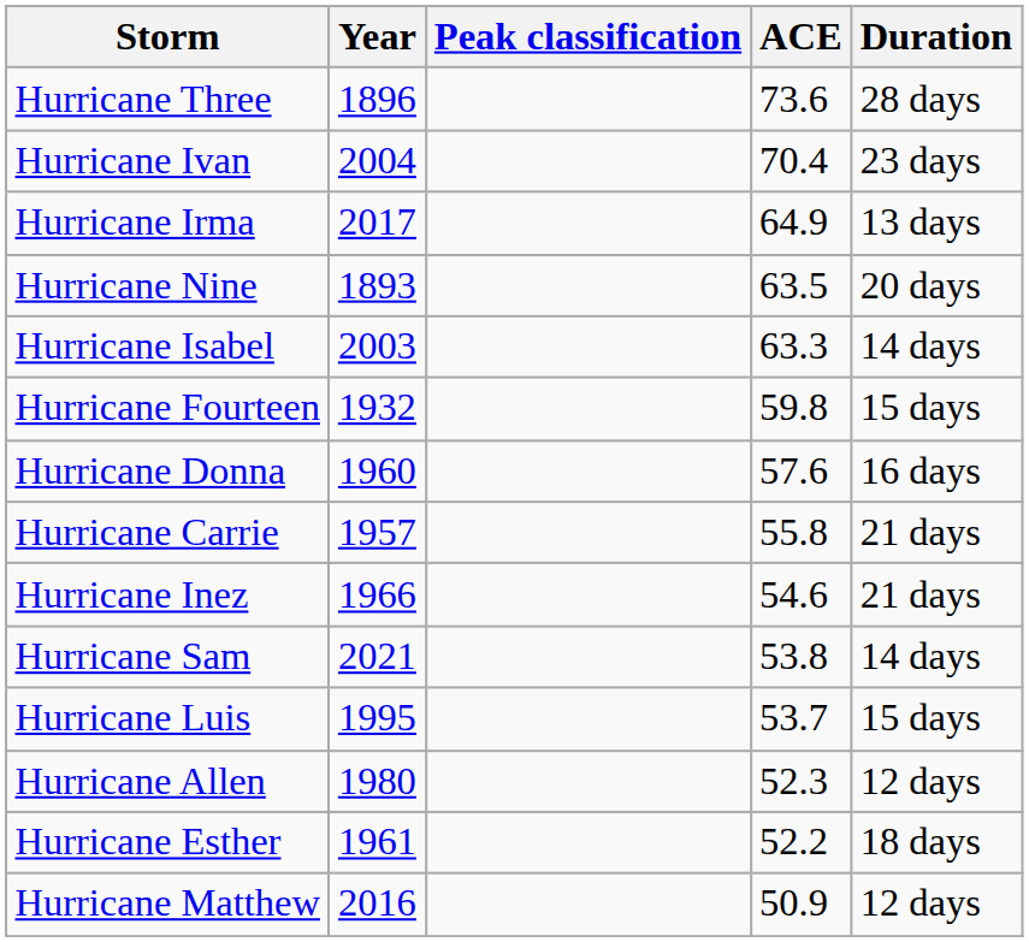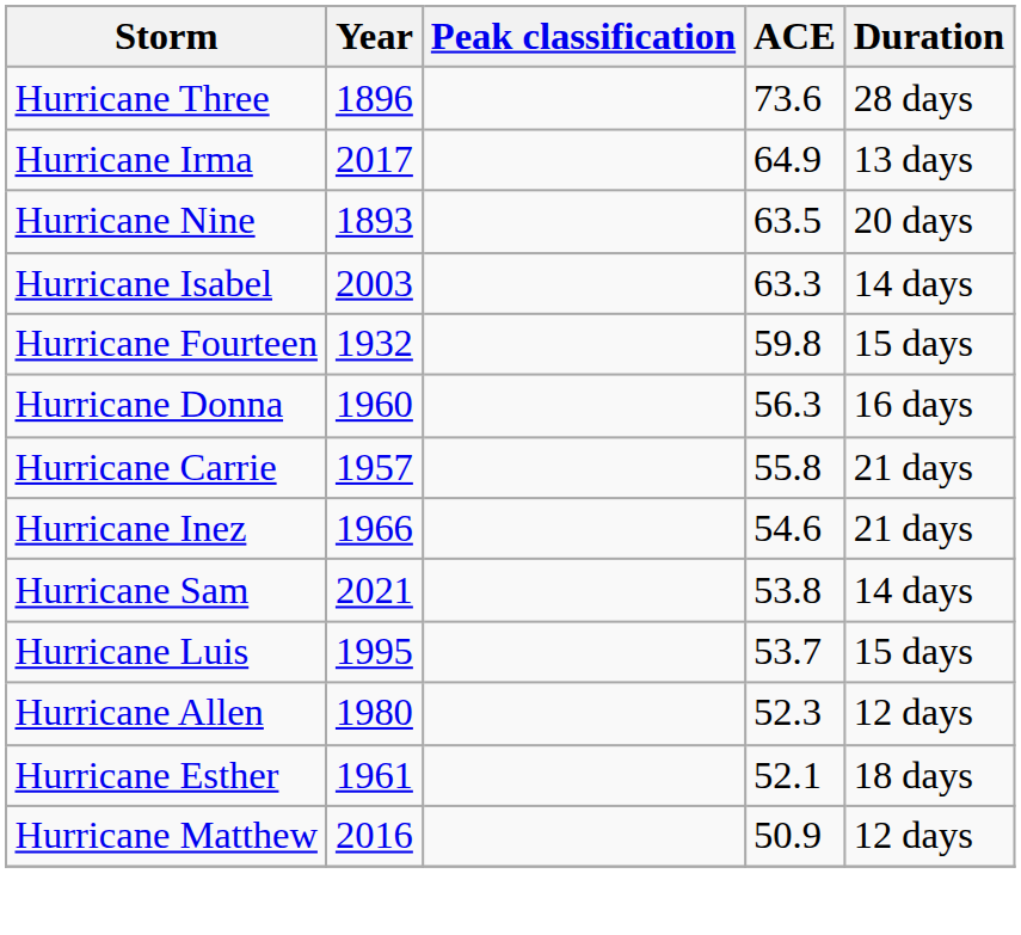 <table class="wikitable sortable">
 <tr>
 <th>Storm</th>
 <th>Year</th>
 <th><a href='#'>Peak classification</a></th>
 <th>ACE</th>
 <th>Duration</th>
 </tr>
 <tr>
 <td><a href='#'>Hurricane Three</a></td>
 <td><a href='#'>1896</a></td>
 <td></td>
 <td>73.6</td>
 <td>28 days</td>
-</tr>
-<tr>
-<td><a href='#'>Hurricane Ivan</a></td>
-<td><a href='#'>2004</a></td>
-<td></td>
-<td>70.4</td>
-<td>23 days</td>
 </tr>
 <tr>
 <td><a href='#'>Hurricane Irma</a></td>
 <td><a href='#'>2017</a></td>
 <td></td>
 <td>64.9</td>
 <td>13 days</td>
 </tr>
 <tr>
 <td><a href='#'>Hurricane Nine</a></td>
 <td><a href='#'>1893</a></td>
 <td></td>
 <td>63.5</td>
 <td>20 days</td>
 </tr>
 <tr>
 <td><a href='#'>Hurricane Isabel</a></td>
 <td><a href='#'>2003</a></td>
 <td></td>
 <td>63.3</td>
 <td>14 days</td>
 </tr>
 <tr>
 <td><a href='#'>Hurricane Fourteen</a></td>
 <td><a href='#'>1932</a></td>
 <td></td>
 <td>59.8</td>
 <td>15 days</td>
 </tr>
 <tr>
 <td><a href='#'>Hurricane Donna</a></td>
 <td><a href='#'>1960</a></td>
 <td></td>
-<td>57.6</td>
+<td>56.3</td>
 <td>16 days</td>
 </tr>
 <tr>
 <td><a href='#'>Hurricane Carrie</a></td>
 <td><a href='#'>1957</a></td>
 <td></td>
 <td>55.8</td>
 <td>21 days</td>
 </tr>
 <tr>
 <td><a href='#'>Hurricane Inez</a></td>
 <td><a href='#'>1966</a></td>
 <td></td>
 <td>54.6</td>
 <td>21 days</td>
 </tr>
 <tr>
 <td><a href='#'>Hurricane Sam</a></td>
 <td><a href='#'>2021</a></td>
 <td></td>
 <td>53.8</td>
 <td>14 days</td>
 </tr>
 <tr>
 <td><a href='#'>Hurricane Luis</a></td>
 <td><a href='#'>1995</a></td>
 <td></td>
 <td>53.7</td>
 <td>15 days</td>
 </tr>
 <tr>
 <td><a href='#'>Hurricane Allen</a></td>
 <td><a href='#'>1980</a></td>
 <td></td>
 <td>52.3</td>
 <td>12 days</td>
 </tr>
 <tr>
 <td><a href='#'>Hurricane Esther</a></td>
 <td><a href='#'>1961</a></td>
 <td></td>
-<td>52.2</td>
+<td>52.1</td>
 <td>18 days</td>
 </tr>
 <tr>
 <td><a href='#'>Hurricane Matthew</a></td>
 <td><a href='#'>2016</a></td>
 <td bgcolor=></td>
 <td>50.9</td>
 <td>12 days</td>
 </tr>
 <tr>
 </tr>
 </table>
